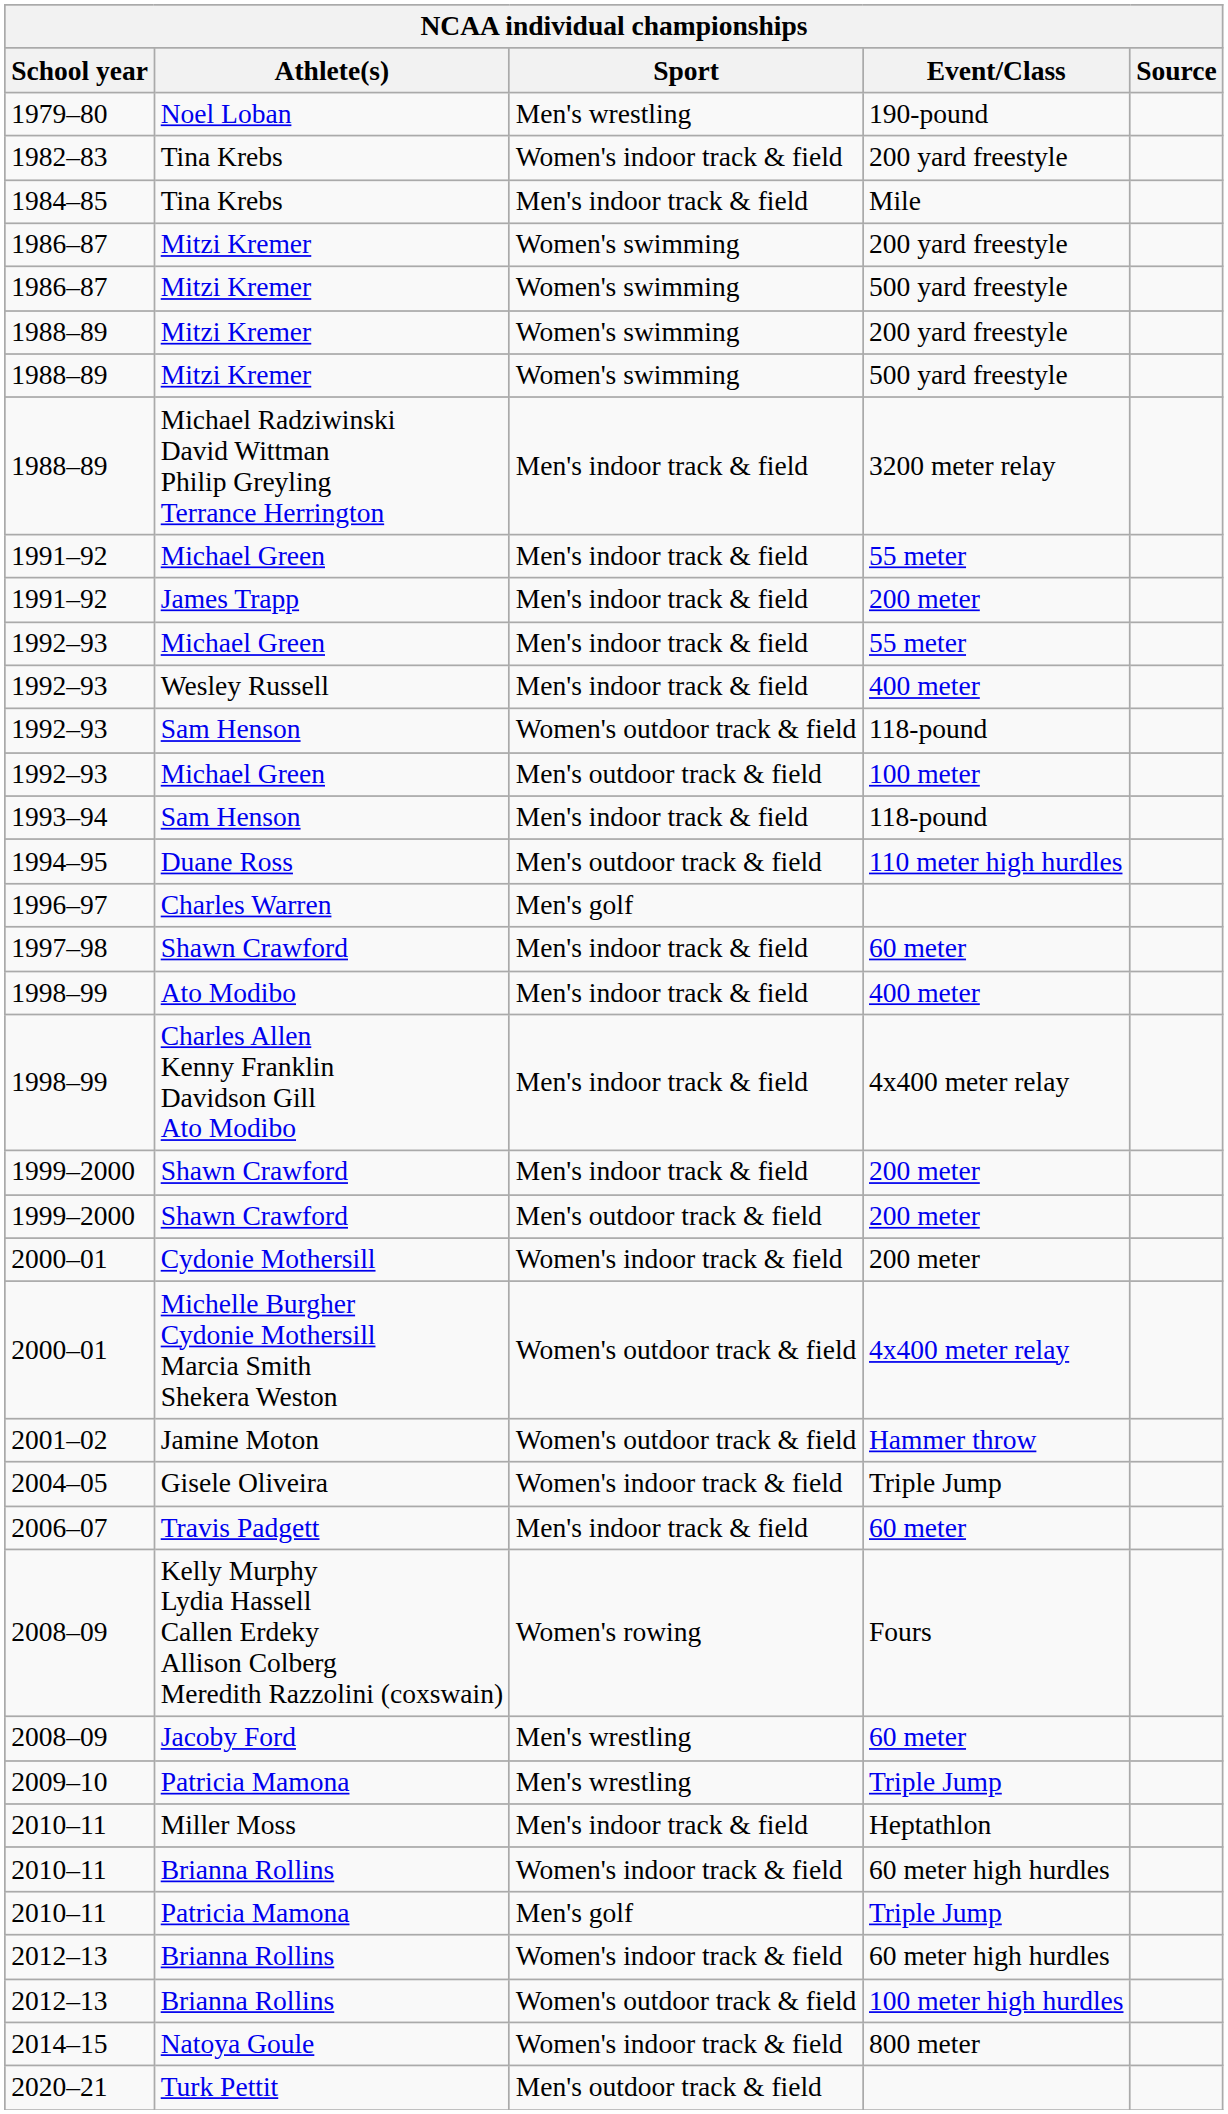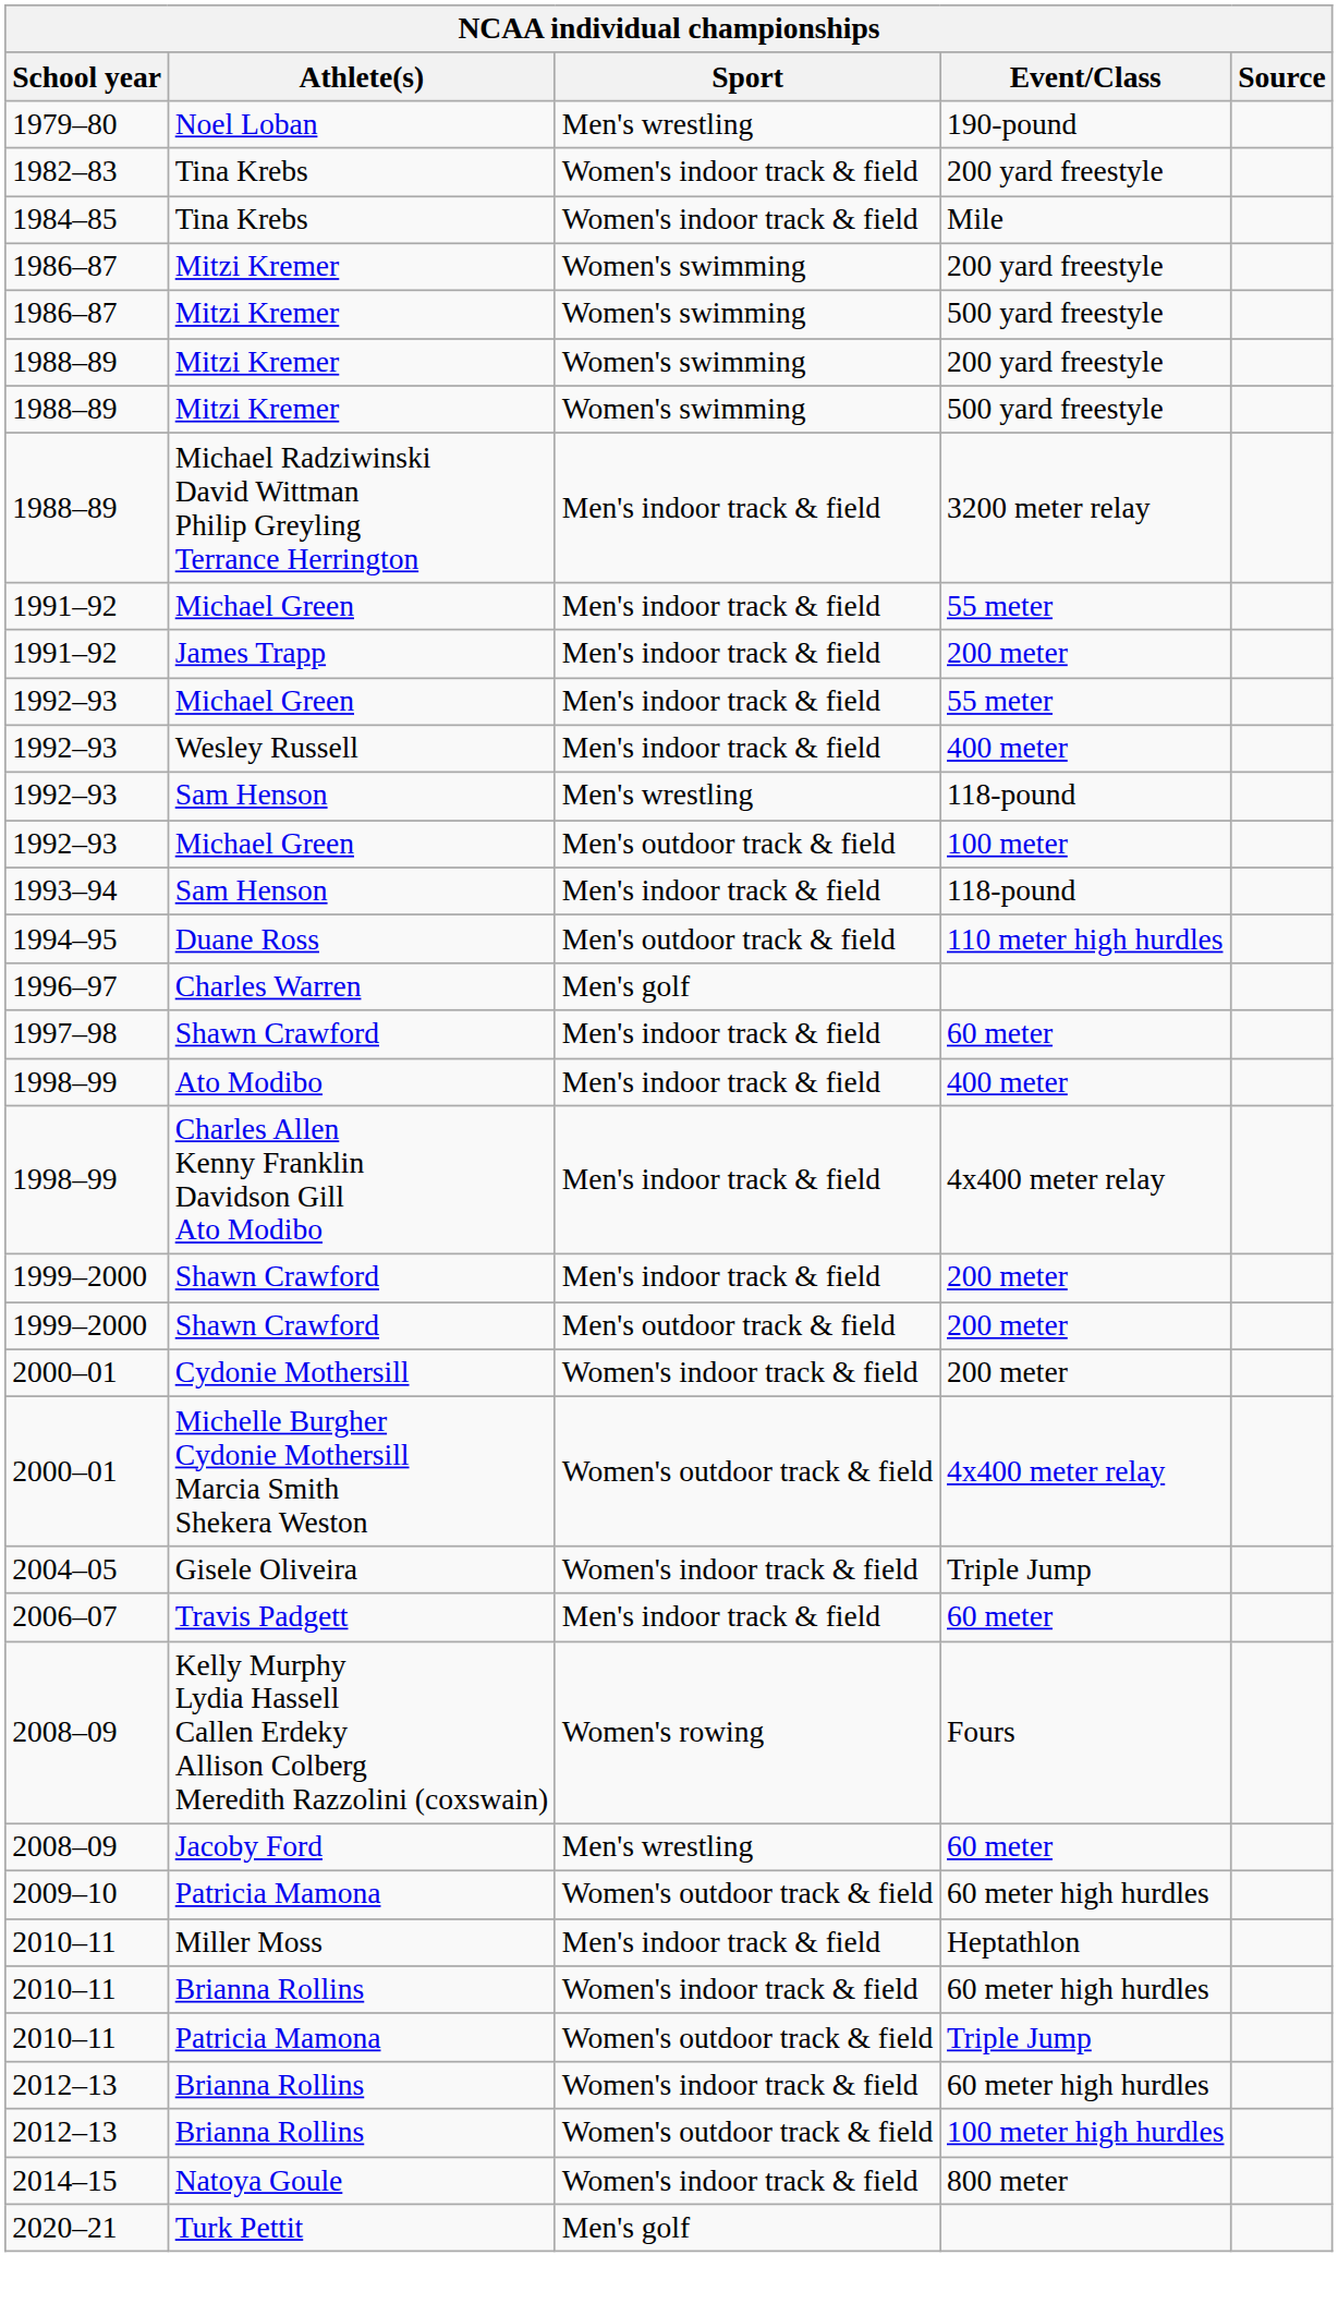 <table class="wikitable sortable" align="center">
 <tr align="center">
 <th colspan="5">NCAA individual championships</th>
 </tr>
 <tr>
 <th>School year</th>
 <th>Athlete(s)</th>
 <th>Sport</th>
 <th>Event/Class</th>
 <th>Source</th>
 </tr>
 <tr>
 <td>1979–80</td>
 <td><a href='#'>Noel Loban</a></td>
 <td>Men's wrestling</td>
 <td>190-pound</td>
 <td></td>
 </tr>
 <tr>
 <td>1982–83</td>
 <td>Tina Krebs</td>
 <td>Women's indoor track & field</td>
 <td>200 yard freestyle</td>
 <td></td>
 </tr>
 <tr>
 <td>1984–85</td>
 <td>Tina Krebs</td>
-<td>Men's indoor track & field</td>
+<td>Women's indoor track & field</td>
 <td>Mile</td>
 <td></td>
 </tr>
 <tr>
 <td>1986–87</td>
 <td><a href='#'>Mitzi Kremer</a></td>
 <td>Women's swimming</td>
 <td>200 yard freestyle</td>
 <td></td>
 </tr>
 <tr>
 <td>1986–87</td>
 <td><a href='#'>Mitzi Kremer</a></td>
 <td>Women's swimming</td>
 <td>500 yard freestyle</td>
 <td></td>
 </tr>
 <tr>
 <td>1988–89</td>
 <td><a href='#'>Mitzi Kremer</a></td>
 <td>Women's swimming</td>
 <td>200 yard freestyle</td>
 <td></td>
 </tr>
 <tr>
 <td>1988–89</td>
 <td><a href='#'>Mitzi Kremer</a></td>
 <td>Women's swimming</td>
 <td>500 yard freestyle</td>
 <td></td>
 </tr>
 <tr>
 <td>1988–89</td>
 <td>Michael Radziwinski<br>David Wittman<br>Philip Greyling<br><a href='#'>Terrance Herrington</a></td>
 <td>Men's indoor track & field</td>
 <td>3200 meter relay</td>
 <td></td>
 </tr>
 <tr>
 <td>1991–92</td>
 <td><a href='#'>Michael Green</a></td>
 <td>Men's indoor track & field</td>
 <td><a href='#'>55 meter</a></td>
 <td></td>
 </tr>
 <tr>
 <td>1991–92</td>
 <td><a href='#'>James Trapp</a></td>
 <td>Men's indoor track & field</td>
 <td><a href='#'>200 meter</a></td>
 <td></td>
 </tr>
 <tr>
 <td>1992–93</td>
 <td><a href='#'>Michael Green</a></td>
 <td>Men's indoor track & field</td>
 <td><a href='#'>55 meter</a></td>
 <td></td>
 </tr>
 <tr>
 <td>1992–93</td>
 <td>Wesley Russell</td>
 <td>Men's indoor track & field</td>
 <td><a href='#'>400 meter</a></td>
 <td></td>
 </tr>
 <tr>
 <td>1992–93</td>
 <td><a href='#'>Sam Henson</a></td>
-<td>Women's outdoor track & field</td>
+<td>Men's wrestling</td>
 <td>118-pound</td>
 <td></td>
 </tr>
 <tr>
 <td>1992–93</td>
 <td><a href='#'>Michael Green</a></td>
 <td>Men's outdoor track & field</td>
 <td><a href='#'>100 meter</a></td>
 <td></td>
 </tr>
 <tr>
 <td>1993–94</td>
 <td><a href='#'>Sam Henson</a></td>
 <td>Men's indoor track & field</td>
 <td>118-pound</td>
 <td></td>
 </tr>
 <tr>
 <td>1994–95</td>
 <td><a href='#'>Duane Ross</a></td>
 <td>Men's outdoor track & field</td>
 <td><a href='#'>110 meter high hurdles</a></td>
 <td></td>
 </tr>
 <tr>
 <td>1996–97</td>
 <td><a href='#'>Charles Warren</a></td>
 <td>Men's golf</td>
 <td></td>
 <td></td>
 </tr>
 <tr>
 <td>1997–98</td>
 <td><a href='#'>Shawn Crawford</a></td>
 <td>Men's indoor track & field</td>
 <td><a href='#'>60 meter</a></td>
 <td></td>
 </tr>
 <tr>
 <td>1998–99</td>
 <td><a href='#'>Ato Modibo</a></td>
 <td>Men's indoor track & field</td>
 <td><a href='#'>400 meter</a></td>
 <td></td>
 </tr>
 <tr>
 <td>1998–99</td>
 <td><a href='#'>Charles Allen</a><br>Kenny Franklin<br>Davidson Gill<br><a href='#'>Ato Modibo</a></td>
 <td>Men's indoor track & field</td>
 <td>4x400 meter relay</td>
 <td></td>
 </tr>
 <tr>
 <td>1999–2000</td>
 <td><a href='#'>Shawn Crawford</a></td>
 <td>Men's indoor track & field</td>
 <td><a href='#'>200 meter</a></td>
 <td></td>
 </tr>
 <tr>
 <td>1999–2000</td>
 <td><a href='#'>Shawn Crawford</a></td>
 <td>Men's outdoor track & field</td>
 <td><a href='#'>200 meter</a></td>
 <td></td>
 </tr>
 <tr>
 <td>2000–01</td>
 <td><a href='#'>Cydonie Mothersill</a></td>
 <td>Women's indoor track & field</td>
 <td>200 meter</td>
 <td></td>
 </tr>
 <tr>
 <td>2000–01</td>
 <td><a href='#'>Michelle Burgher</a><br><a href='#'>Cydonie Mothersill</a><br>Marcia Smith<br>Shekera Weston</td>
 <td>Women's outdoor track & field</td>
 <td><a href='#'>4x400 meter relay</a></td>
 <td></td>
 </tr>
 <tr>
-<td>2001–02</td>
-<td>Jamine Moton</td>
-<td>Women's outdoor track & field</td>
-<td><a href='#'>Hammer throw</a></td>
-<td></td>
-</tr>
-<tr>
 <td>2004–05</td>
 <td>Gisele Oliveira</td>
 <td>Women's indoor track & field</td>
 <td>Triple Jump</td>
 <td></td>
 </tr>
 <tr>
 <td>2006–07</td>
 <td><a href='#'>Travis Padgett</a></td>
 <td>Men's indoor track & field</td>
 <td><a href='#'>60 meter</a></td>
 <td></td>
 </tr>
 <tr>
 <td>2008–09</td>
 <td>Kelly Murphy<br>Lydia Hassell<br>Callen Erdeky<br>Allison Colberg<br>Meredith Razzolini (coxswain)</td>
 <td>Women's rowing</td>
 <td>Fours</td>
 <td></td>
 </tr>
 <tr>
 <td>2008–09</td>
 <td><a href='#'>Jacoby Ford</a></td>
 <td>Men's wrestling</td>
 <td><a href='#'>60 meter</a></td>
 <td></td>
 </tr>
 <tr>
 <td>2009–10</td>
 <td><a href='#'>Patricia Mamona</a></td>
-<td>Men's wrestling</td>
-<td><a href='#'>Triple Jump</a></td>
+<td>Women's outdoor track & field</td>
+<td>60 meter high hurdles</td>
 <td></td>
 </tr>
 <tr>
 <td>2010–11</td>
 <td>Miller Moss</td>
 <td>Men's indoor track & field</td>
 <td>Heptathlon</td>
 <td></td>
 </tr>
 <tr>
 <td>2010–11</td>
 <td><a href='#'>Brianna Rollins</a></td>
 <td>Women's indoor track & field</td>
 <td>60 meter high hurdles</td>
 <td></td>
 </tr>
 <tr>
 <td>2010–11</td>
 <td><a href='#'>Patricia Mamona</a></td>
-<td>Men's golf</td>
+<td>Women's outdoor track & field</td>
 <td><a href='#'>Triple Jump</a></td>
 <td></td>
 </tr>
 <tr>
 <td>2012–13</td>
 <td><a href='#'>Brianna Rollins</a></td>
 <td>Women's indoor track & field</td>
 <td>60 meter high hurdles</td>
 <td></td>
 </tr>
 <tr>
 <td>2012–13</td>
 <td><a href='#'>Brianna Rollins</a></td>
 <td>Women's outdoor track & field</td>
 <td><a href='#'>100 meter high hurdles</a></td>
 <td></td>
 </tr>
 <tr>
 <td>2014–15</td>
 <td><a href='#'>Natoya Goule</a></td>
 <td>Women's indoor track & field</td>
 <td>800 meter</td>
 <td></td>
 </tr>
 <tr>
 <td>2020–21</td>
 <td><a href='#'>Turk Pettit</a></td>
-<td>Men's outdoor track & field</td>
+<td>Men's golf</td>
 <td></td>
 <td></td>
 </tr>
 </table>
